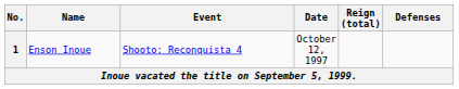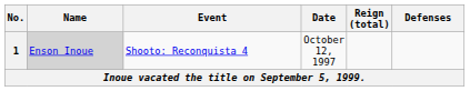 <table class="wikitable" style="width:99%;">
 <tr>
 <th style="width:2%;">No.</th>
 <th>Name</th>
 <th>Event</th>
 <th style="width:9%;">Date</th>
 <th style="width:9%;">Reign<br>(total)</th>
 <th>Defenses</th>
 </tr>
 <tr>
 <th>1</th>
-<td> <a href='#'>Enson Inoue</a><br></td>
+<td style="background: lightgrey;"> <a href='#'>Enson Inoue</a><br></td>
 <td><a href='#'>Shooto: Reconquista 4</a><br></td>
 <td align=center>October 12, 1997</td>
 <td align=center></td>
 <td></td>
 </tr>
 <tr>
 <th colspan=6 align=center><em>Inoue vacated the title on September 5, 1999.</em></th>
 </tr>
 </table>
